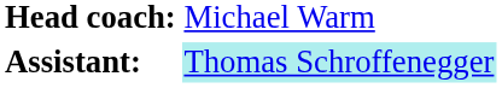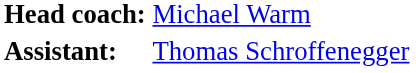 <table>
 <tr>
 <td><strong>Head coach:</strong></td>
 <td><a href='#'>Michael Warm</a></td>
 </tr>
 <tr>
 <td><strong>Assistant:</strong></td>
-<td style="background: paleturquoise;"><a href='#'>Thomas Schroffenegger</a></td>
+<td><a href='#'>Thomas Schroffenegger</a></td>
 </tr>
 </table>
